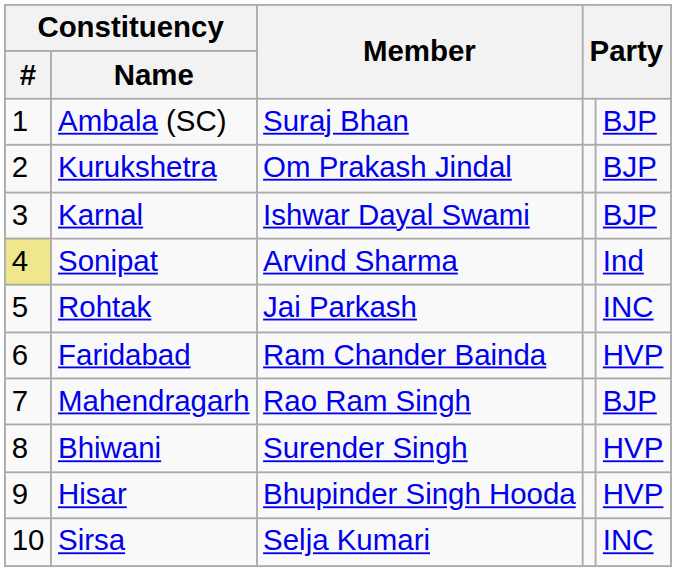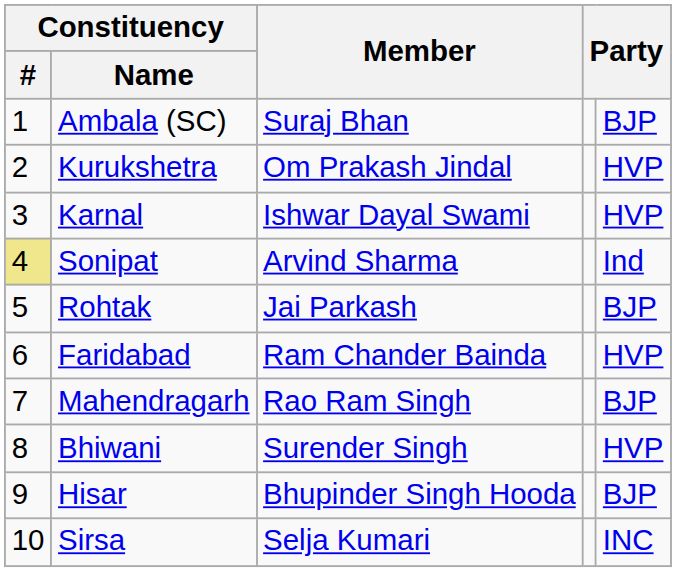 <table class="wikitable sortable">
 <tr>
 <th colspan="2">Constituency</th>
 <th rowspan="2">Member</th>
 <th colspan="2" rowspan="2">Party</th>
 </tr>
 <tr>
 <th>#</th>
 <th>Name</th>
 </tr>
 <tr>
 <td>1</td>
 <td><a href='#'>Ambala</a> (SC)</td>
 <td><a href='#'>Suraj Bhan</a></td>
 <td style="background-color: "></td>
 <td><a href='#'>BJP</a></td>
 </tr>
 <tr>
 <td>2</td>
 <td><a href='#'>Kurukshetra</a></td>
 <td><a href='#'>Om Prakash Jindal</a></td>
 <td style="background-color: "></td>
-<td><a href='#'>BJP</a></td>
+<td><a href='#'>HVP</a></td>
 </tr>
 <tr>
 <td>3</td>
 <td><a href='#'>Karnal</a></td>
 <td><a href='#'>Ishwar Dayal Swami</a></td>
 <td style="background-color: "></td>
-<td><a href='#'>BJP</a></td>
+<td><a href='#'>HVP</a></td>
 </tr>
 <tr>
 <td style="background: khaki;">4</td>
 <td><a href='#'>Sonipat</a></td>
 <td><a href='#'>Arvind Sharma</a></td>
 <td style="background-color: "></td>
 <td><a href='#'>Ind</a></td>
 </tr>
 <tr>
 <td>5</td>
 <td><a href='#'>Rohtak</a></td>
 <td><a href='#'>Jai Parkash</a></td>
 <td style="background-color: "></td>
-<td><a href='#'>INC</a></td>
+<td><a href='#'>BJP</a></td>
 </tr>
 <tr>
 <td>6</td>
 <td><a href='#'>Faridabad</a></td>
 <td><a href='#'>Ram Chander Bainda</a></td>
 <td style="background-color: "></td>
 <td><a href='#'>HVP</a></td>
 </tr>
 <tr>
 <td>7</td>
 <td><a href='#'>Mahendragarh</a></td>
 <td><a href='#'>Rao Ram Singh</a></td>
 <td style="background-color: "></td>
 <td><a href='#'>BJP</a></td>
 </tr>
 <tr>
 <td>8</td>
 <td><a href='#'>Bhiwani</a></td>
 <td><a href='#'>Surender Singh</a></td>
 <td style="background-color: "></td>
 <td><a href='#'>HVP</a></td>
 </tr>
 <tr>
 <td>9</td>
 <td><a href='#'>Hisar</a></td>
 <td><a href='#'>Bhupinder Singh Hooda</a></td>
 <td style="background-color: "></td>
-<td><a href='#'>HVP</a></td>
+<td><a href='#'>BJP</a></td>
 </tr>
 <tr>
 <td>10</td>
 <td><a href='#'>Sirsa</a></td>
 <td><a href='#'>Selja Kumari</a></td>
 <td style="background-color: "></td>
 <td><a href='#'>INC</a></td>
 </tr>
 </table>
